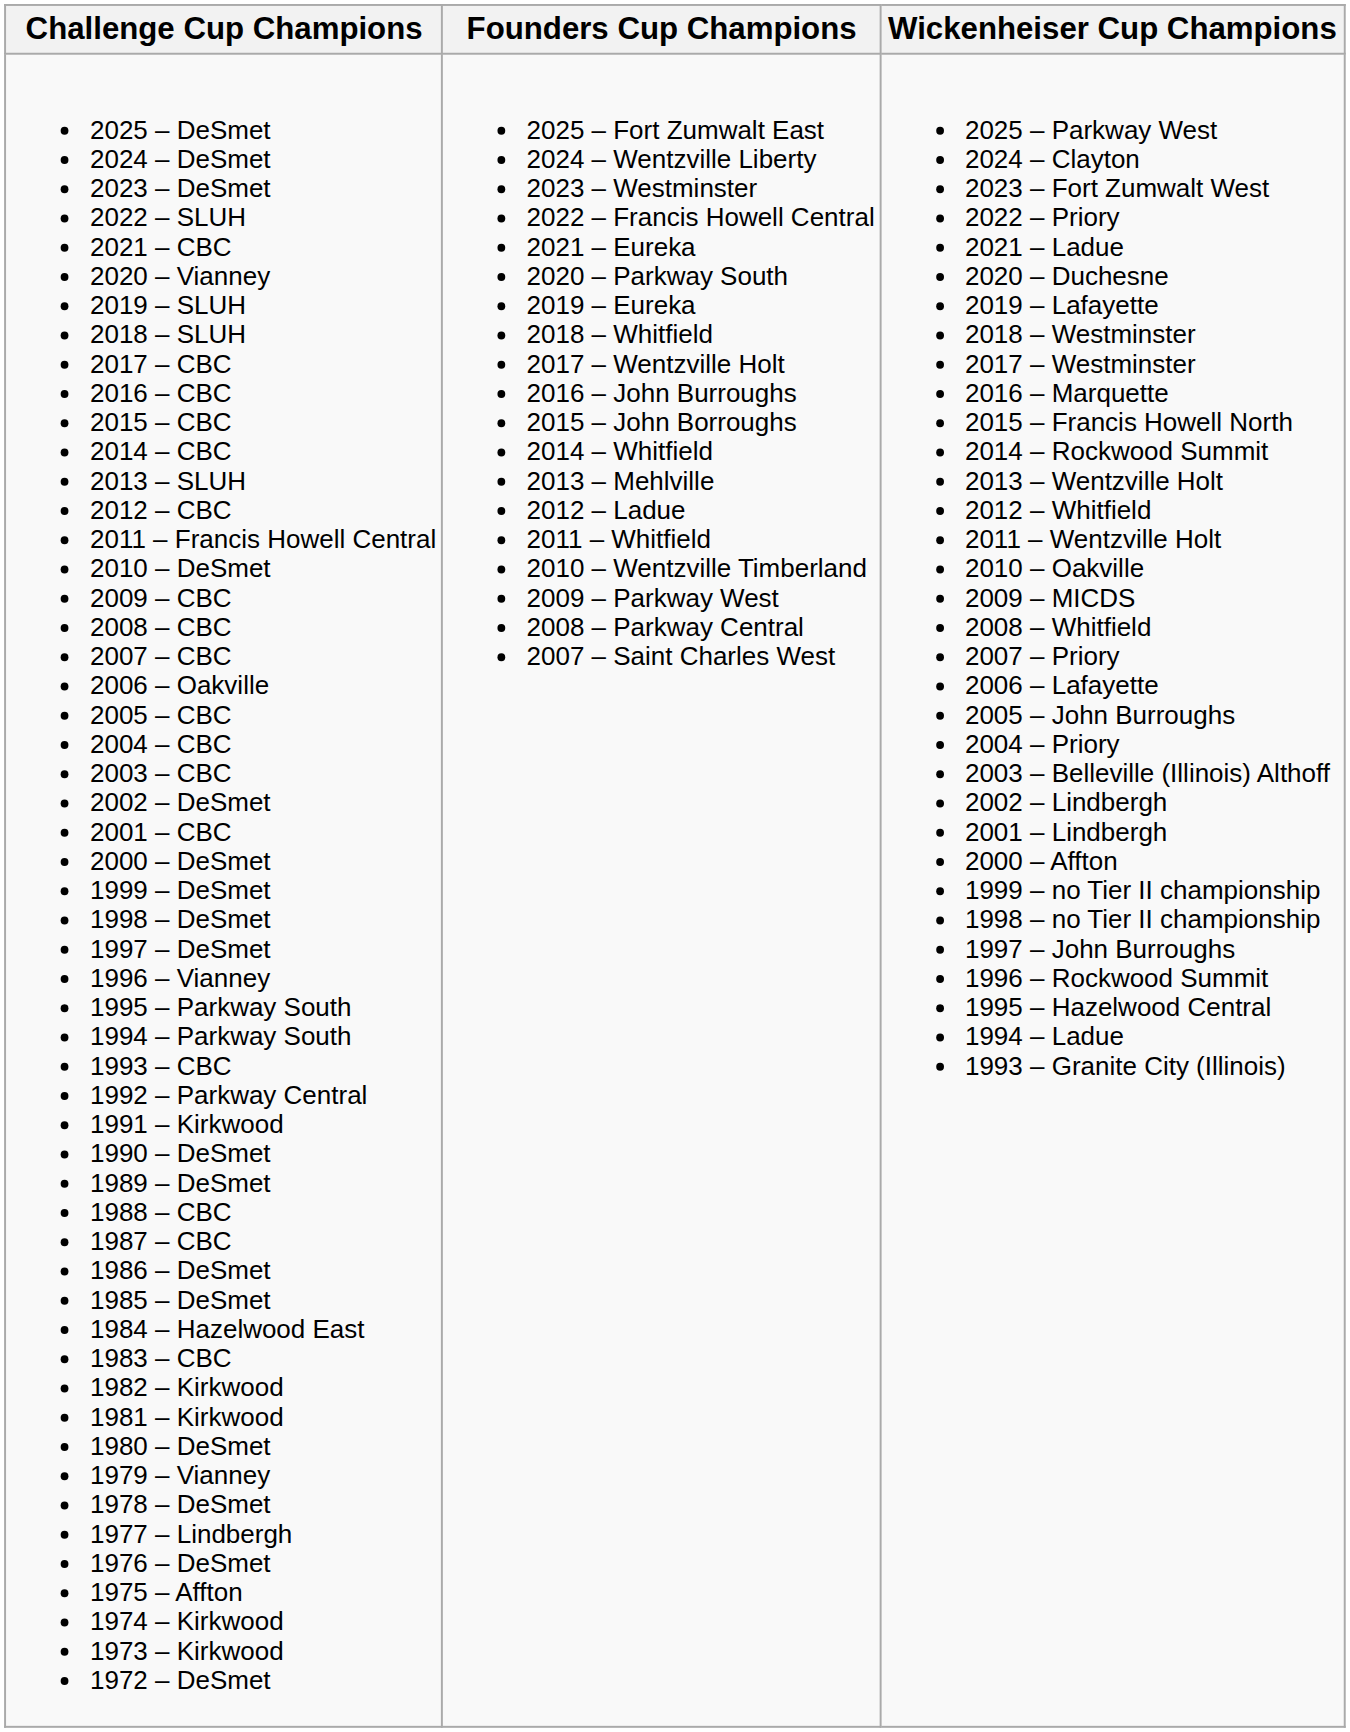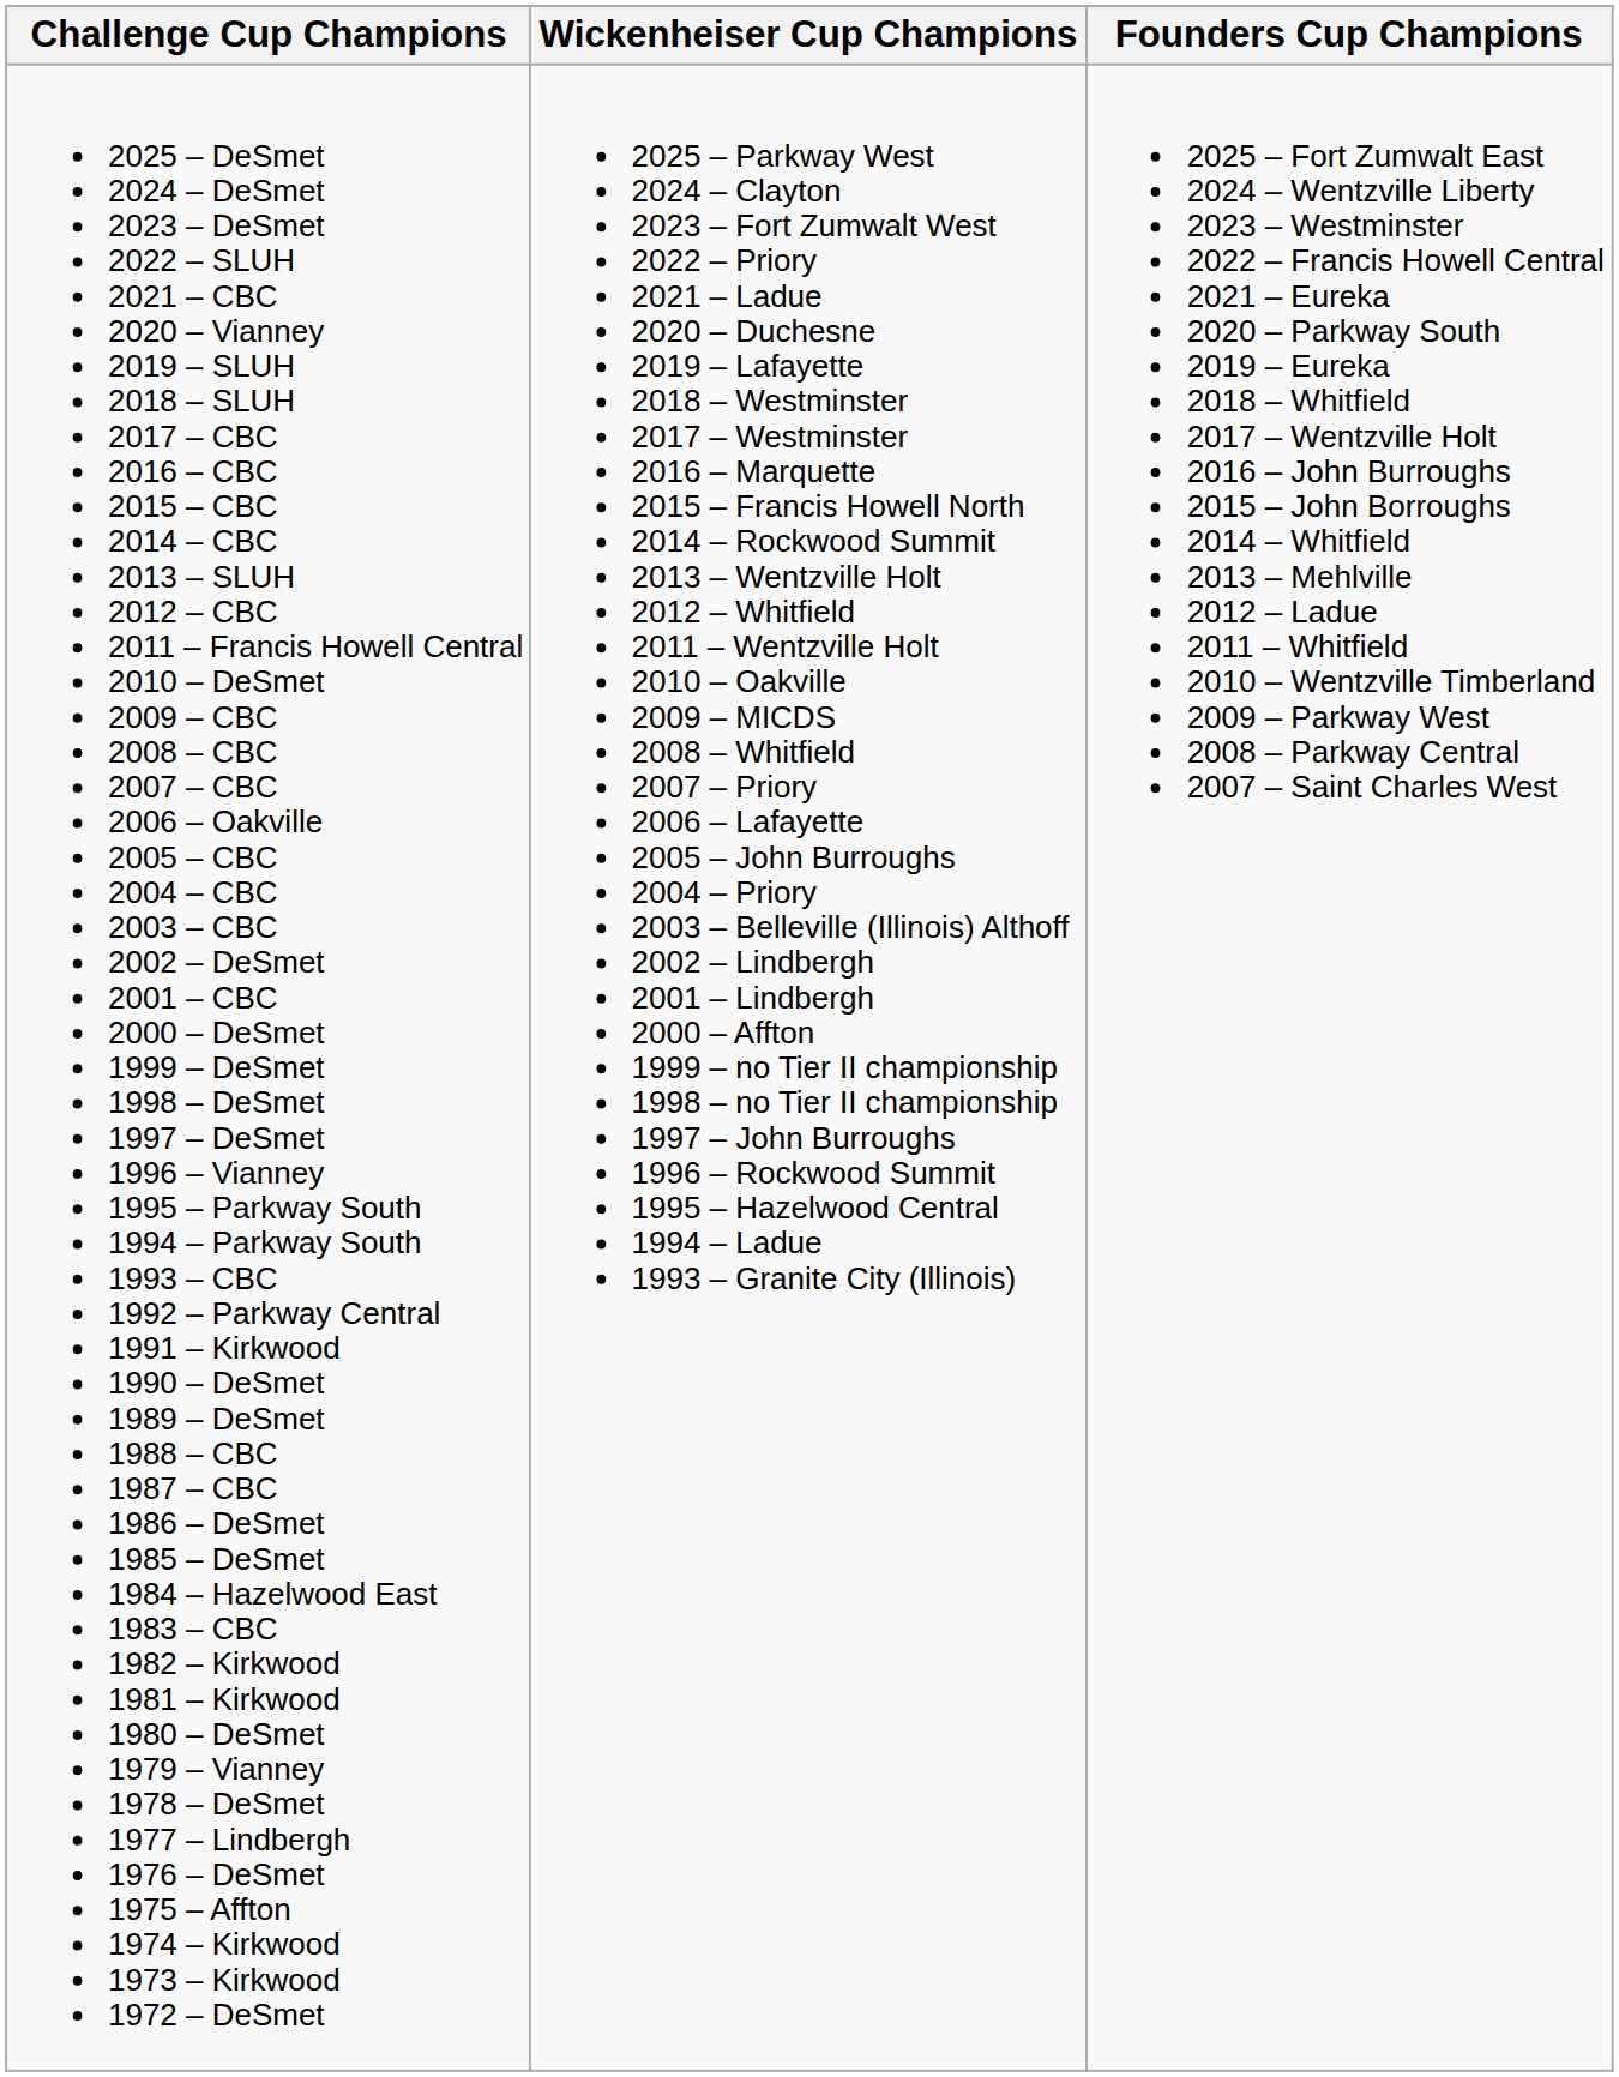 <table class="wikitable" style="margin: 1em auto 1em auto;">
 <tr>
 <th>Challenge Cup Champions</th>
+<th>Wickenheiser Cup Champions</th>
 <th>Founders Cup Champions</th>
-<th>Wickenheiser Cup Champions</th>
 </tr>
 <tr>
 <td style="vertical-align:top; font-size:smaller;"><br><ul><li>2025 – DeSmet</li><li>2024 – DeSmet</li><li>2023 – DeSmet</li><li>2022 – SLUH</li><li>2021 – CBC</li><li>2020 – Vianney</li><li>2019 – SLUH</li><li>2018 – SLUH</li><li>2017 – CBC</li><li>2016 – CBC</li><li>2015 – CBC</li><li>2014 – CBC</li><li>2013 – SLUH</li><li>2012 – CBC</li><li>2011 – Francis Howell Central</li><li>2010 – DeSmet</li><li>2009 – CBC</li><li>2008 – CBC</li><li>2007 – CBC</li><li>2006 – Oakville</li><li>2005 – CBC</li><li>2004 – CBC</li><li>2003 – CBC</li><li>2002 – DeSmet</li><li>2001 – CBC</li><li>2000 – DeSmet</li><li>1999 – DeSmet</li><li>1998 – DeSmet</li><li>1997 – DeSmet</li><li>1996 – Vianney</li><li>1995 – Parkway South</li><li>1994 – Parkway South</li><li>1993 – CBC</li><li>1992 – Parkway Central</li><li>1991 – Kirkwood</li><li>1990 – DeSmet</li><li>1989 – DeSmet</li><li>1988 – CBC</li><li>1987 – CBC</li><li>1986 – DeSmet</li><li>1985 – DeSmet</li><li>1984 – Hazelwood East</li><li>1983 – CBC</li><li>1982 – Kirkwood</li><li>1981 – Kirkwood</li><li>1980 – DeSmet</li><li>1979 – Vianney</li><li>1978 – DeSmet</li><li>1977 – Lindbergh</li><li>1976 – DeSmet</li><li>1975 – Affton</li><li>1974 – Kirkwood</li><li>1973 – Kirkwood</li><li>1972 – DeSmet</li></ul></td>
+<td style="vertical-align:top; font-size:smaller;"><br><ul><li>2025 – Parkway West</li><li>2024 – Clayton</li><li>2023 – Fort Zumwalt West</li><li>2022 – Priory</li><li>2021 – Ladue</li><li>2020 – Duchesne</li><li>2019 – Lafayette</li><li>2018 – Westminster</li><li>2017 – Westminster</li><li>2016 – Marquette</li><li>2015 – Francis Howell North</li><li>2014 – Rockwood Summit</li><li>2013 – Wentzville Holt</li><li>2012 – Whitfield</li><li>2011 – Wentzville Holt</li><li>2010 – Oakville</li><li>2009 – MICDS</li><li>2008 – Whitfield</li><li>2007 – Priory</li><li>2006 – Lafayette</li><li>2005 – John Burroughs</li><li>2004 – Priory</li><li>2003 – Belleville (Illinois) Althoff</li><li>2002 – Lindbergh</li><li>2001 – Lindbergh</li><li>2000 – Affton</li><li>1999 – no Tier II championship</li><li>1998 – no Tier II championship</li><li>1997 – John Burroughs</li><li>1996 – Rockwood Summit</li><li>1995 – Hazelwood Central</li><li>1994 – Ladue</li><li>1993 – Granite City (Illinois)</li></ul></td>
 <td style="vertical-align:top; font-size:smaller;"><br><ul><li>2025 – Fort Zumwalt East</li><li>2024 – Wentzville Liberty</li><li>2023 – Westminster</li><li>2022 – Francis Howell Central</li><li>2021 – Eureka</li><li>2020 – Parkway South</li><li>2019 – Eureka</li><li>2018 – Whitfield</li><li>2017 – Wentzville Holt</li><li>2016 – John Burroughs</li><li>2015 – John Borroughs</li><li>2014 – Whitfield</li><li>2013 – Mehlville</li><li>2012 – Ladue</li><li>2011 – Whitfield</li><li>2010 – Wentzville Timberland</li><li>2009 – Parkway West</li><li>2008 – Parkway Central</li><li>2007 – Saint Charles West</li></ul></td>
-<td style="vertical-align:top; font-size:smaller;"><br><ul><li>2025 – Parkway West</li><li>2024 – Clayton</li><li>2023 – Fort Zumwalt West</li><li>2022 – Priory</li><li>2021 – Ladue</li><li>2020 – Duchesne</li><li>2019 – Lafayette</li><li>2018 – Westminster</li><li>2017 – Westminster</li><li>2016 – Marquette</li><li>2015 – Francis Howell North</li><li>2014 – Rockwood Summit</li><li>2013 – Wentzville Holt</li><li>2012 – Whitfield</li><li>2011 – Wentzville Holt</li><li>2010 – Oakville</li><li>2009 – MICDS</li><li>2008 – Whitfield</li><li>2007 – Priory</li><li>2006 – Lafayette</li><li>2005 – John Burroughs</li><li>2004 – Priory</li><li>2003 – Belleville (Illinois) Althoff</li><li>2002 – Lindbergh</li><li>2001 – Lindbergh</li><li>2000 – Affton</li><li>1999 – no Tier II championship</li><li>1998 – no Tier II championship</li><li>1997 – John Burroughs</li><li>1996 – Rockwood Summit</li><li>1995 – Hazelwood Central</li><li>1994 – Ladue</li><li>1993 – Granite City (Illinois)</li></ul></td>
 </tr>
 </table>
